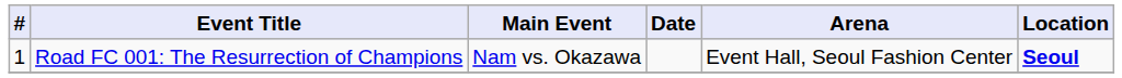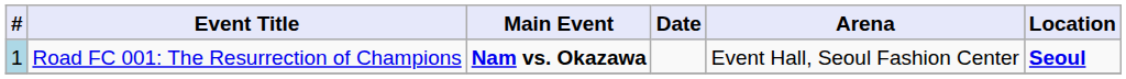 <table class="sortable wikitable succession-box" style="margin:1.0em auto; font-size:80%;">
 <tr>
 <th style="background-color: #E6E8FA; color: #000000; text-align: center;" scope="col">#</th>
 <th style="background-color: #E6E8FA; color: #000000; text-align: center;" scope="col">Event Title</th>
 <th style="background-color: #E6E8FA; color: #000000; text-align: center;" scope="col">Main Event</th>
 <th style="background-color: #E6E8FA; color: #000000; text-align: center;" scope="col">Date</th>
 <th style="background-color: #E6E8FA; color: #000000; text-align: center;" scope="col">Arena</th>
 <th style="background-color: #E6E8FA; color: #000000; text-align: center;" scope="col">Location</th>
 </tr>
 <tr>
-<td align="center">1</td>
+<td align="center" style="background: lightblue;">1</td>
 <td><a href='#'>Road FC 001: The Resurrection of Champions</a></td>
-<td><a href='#'>Nam</a> vs. Okazawa</td>
+<td><strong><a href='#'>Nam</a> vs. Okazawa</strong></td>
 <td></td>
 <td>Event Hall, Seoul Fashion Center</td>
 <td><strong> <a href='#'>Seoul</a></strong></td>
 </tr>
 <tr>
 </tr>
 </table>
